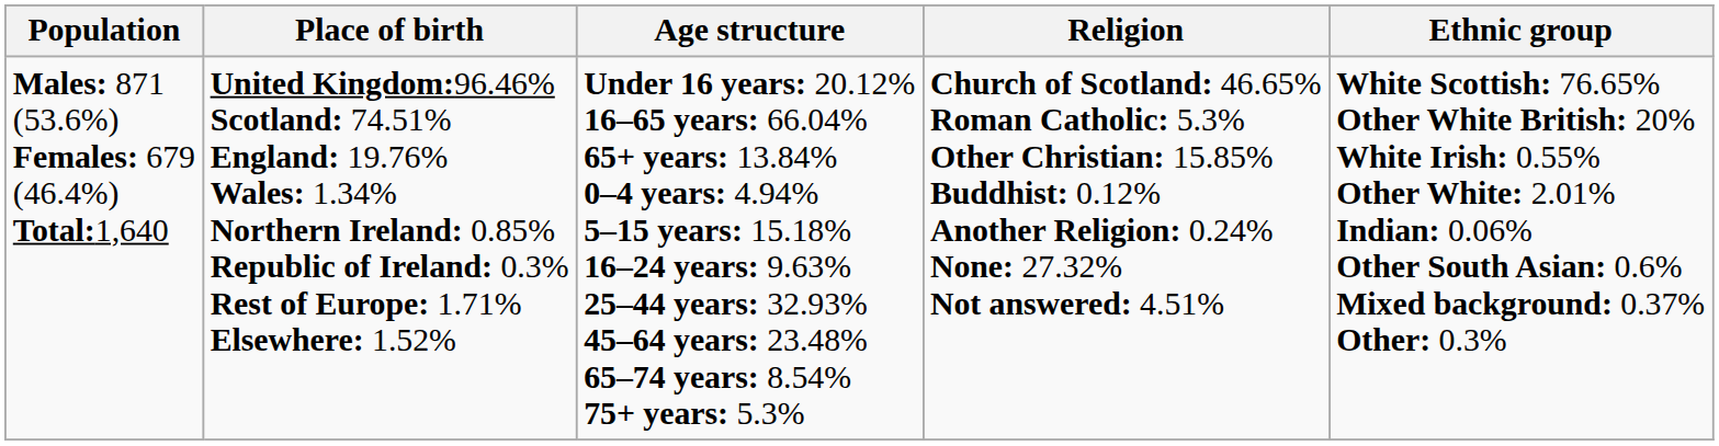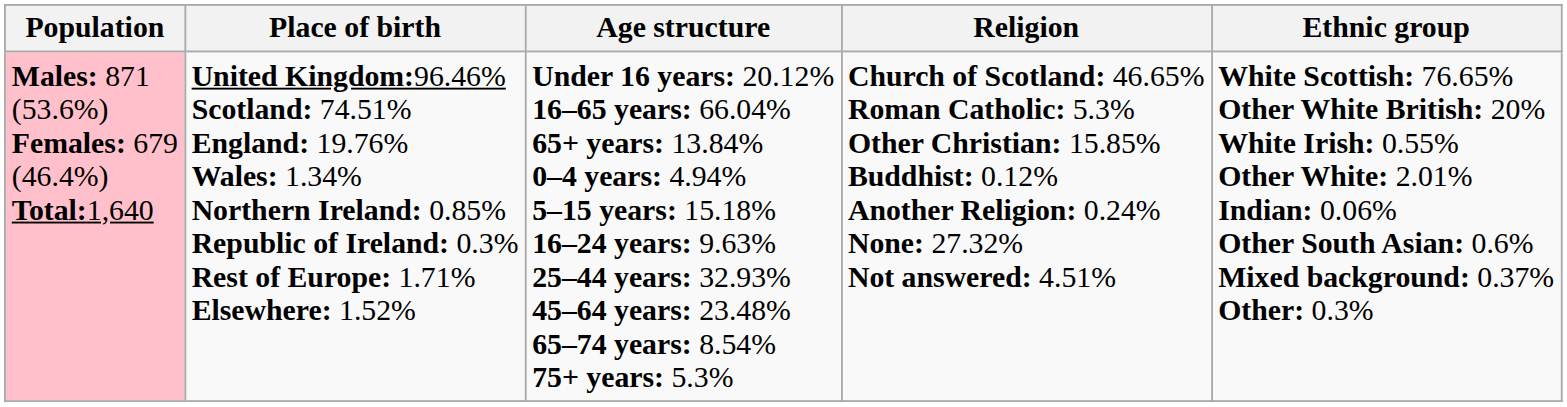 <table class="wikitable">
 <tr>
 <th>Population</th>
 <th>Place of birth</th>
 <th>Age structure</th>
 <th>Religion</th>
 <th>Ethnic group</th>
 </tr>
 <tr>
-<td valign="top"><strong>Males:</strong> 871 <br> (53.6%)<br><strong>Females:</strong> 679 <br> (46.4%)<br><u><strong>Total:</strong>1,640</u></td>
+<td valign="top" style="background: pink;"><strong>Males:</strong> 871 <br> (53.6%)<br><strong>Females:</strong> 679 <br> (46.4%)<br><u><strong>Total:</strong>1,640</u></td>
 <td valign="top"><u><strong>United Kingdom:</strong>96.46%</u> <br> <strong>Scotland:</strong> 74.51% <br> <strong>England:</strong> 19.76% <br> <strong>Wales:</strong> 1.34% <br> <strong>Northern Ireland:</strong> 0.85%<br><strong>Republic of Ireland:</strong> 0.3% <br> <strong>Rest of Europe:</strong> 1.71% <br> <strong>Elsewhere:</strong> 1.52%</td>
 <td valign="top"><strong>Under 16 years:</strong> 20.12% <br> <strong>16–65 years:</strong> 66.04% <br> <strong>65+ years:</strong> 13.84%<br><strong>0–4 years:</strong> 4.94% <br> <strong>5–15 years:</strong> 15.18% <br> <strong>16–24 years:</strong> 9.63% <br> <strong>25–44 years:</strong> 32.93% <br> <strong>45–64 years:</strong> 23.48% <br> <strong>65–74 years:</strong> 8.54% <br> <strong>75+ years:</strong> 5.3%</td>
 <td valign="top"><strong>Church of Scotland:</strong> 46.65% <br> <strong>Roman Catholic:</strong> 5.3% <br> <strong>Other Christian:</strong> 15.85% <br> <strong>Buddhist:</strong> 0.12% <br> <strong>Another Religion:</strong> 0.24% <br> <strong>None:</strong> 27.32% <br> <strong>Not answered:</strong> 4.51%</td>
 <td valign="top"><strong>White Scottish:</strong> 76.65% <br> <strong>Other White British:</strong> 20% <br> <strong>White Irish:</strong> 0.55% <br> <strong>Other White:</strong> 2.01% <br> <strong>Indian:</strong> 0.06% <br> <strong>Other South Asian:</strong> 0.6% <br> <strong>Mixed background:</strong> 0.37% <br> <strong>Other:</strong> 0.3%</td>
 </tr>
 </table>
